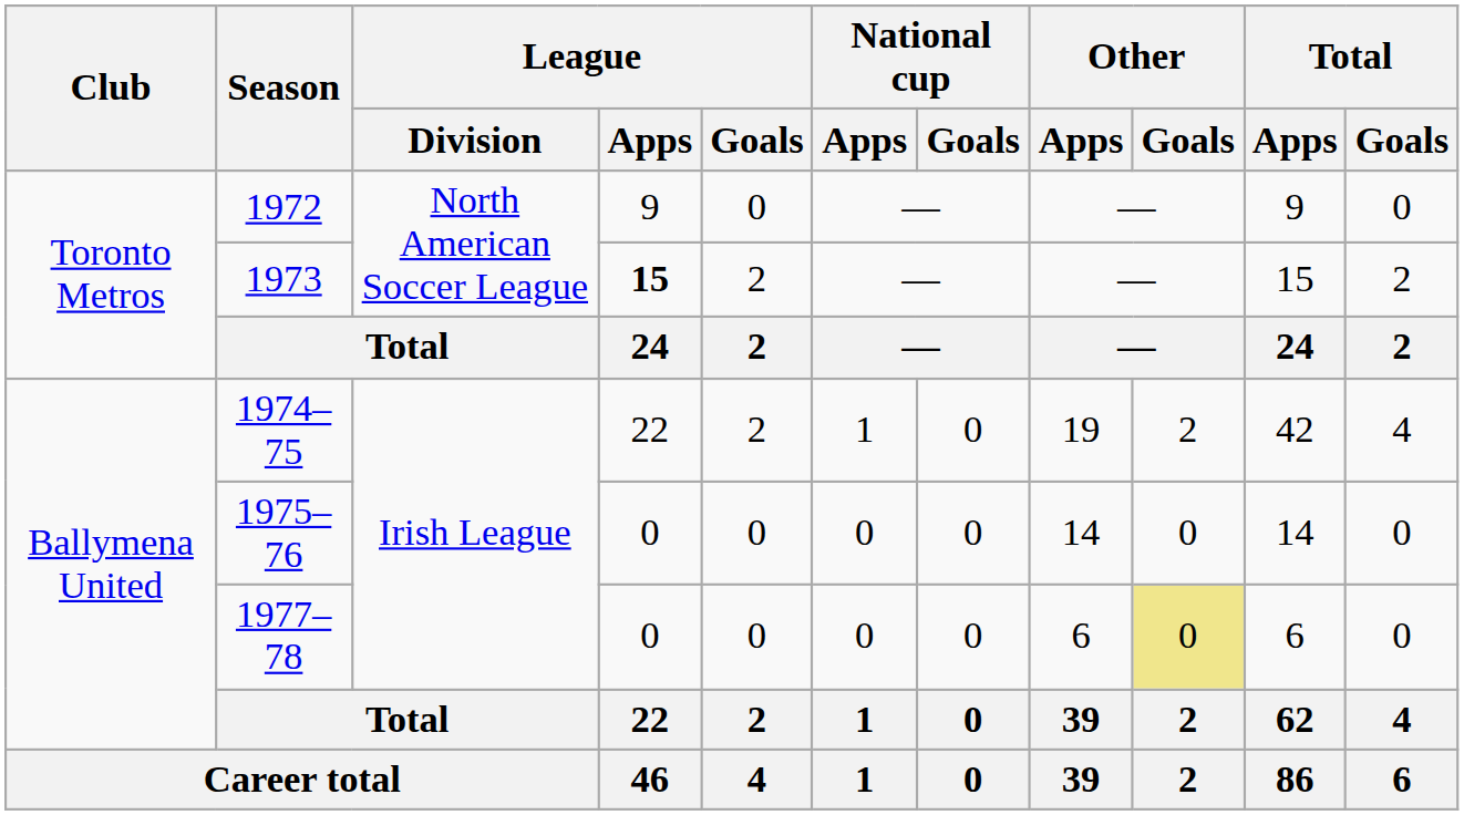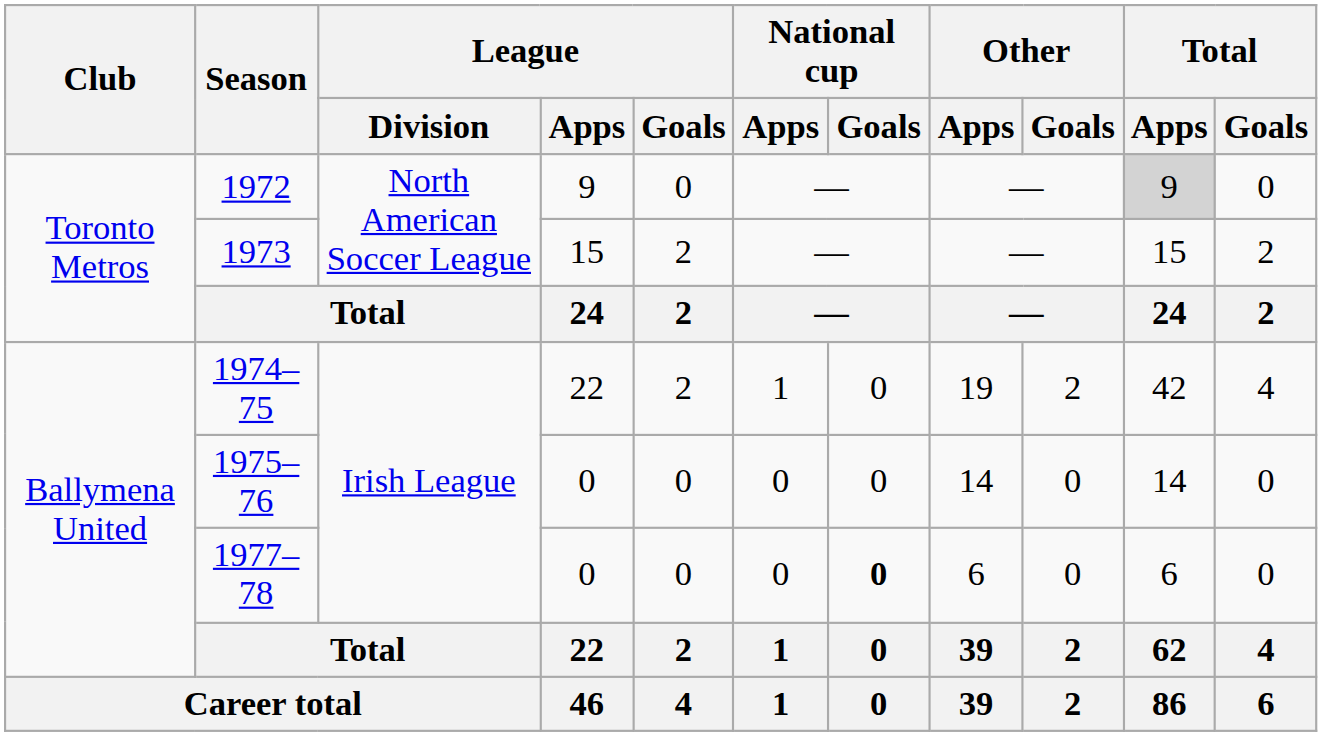 <table class="wikitable" style="text-align: center;">
 <tr>
 <th rowspan="2">Club</th>
 <th rowspan="2">Season</th>
 <th colspan="3">League</th>
 <th colspan="2">National cup</th>
 <th colspan="2">Other</th>
 <th colspan="2">Total</th>
 </tr>
 <tr>
 <th>Division</th>
 <th>Apps</th>
 <th>Goals</th>
 <th>Apps</th>
 <th>Goals</th>
 <th>Apps</th>
 <th>Goals</th>
 <th>Apps</th>
 <th>Goals</th>
 </tr>
 <tr>
 <td rowspan="3"><a href='#'>Toronto Metros</a></td>
 <td><a href='#'>1972</a></td>
 <td rowspan="2"><a href='#'>North American Soccer League</a></td>
 <td>9</td>
 <td>0</td>
 <td colspan="2">—</td>
 <td colspan="2">—</td>
-<td>9</td>
+<td style="background: lightgrey;">9</td>
 <td>0</td>
 </tr>
 <tr>
 <td><a href='#'>1973</a></td>
-<td><strong>15</strong></td>
+<td>15</td>
 <td>2</td>
 <td colspan="2">—</td>
 <td colspan="2">—</td>
 <td>15</td>
 <td>2</td>
 </tr>
 <tr>
 <th colspan="2">Total</th>
 <th>24</th>
 <th>2</th>
 <th colspan="2">—</th>
 <th colspan="2">—</th>
 <th>24</th>
 <th>2</th>
 </tr>
 <tr>
 <td rowspan="4"><a href='#'>Ballymena United</a></td>
 <td><a href='#'>1974–75</a></td>
 <td rowspan="3"><a href='#'>Irish League</a></td>
 <td>22</td>
 <td>2</td>
 <td>1</td>
 <td>0</td>
 <td>19</td>
 <td>2</td>
 <td>42</td>
 <td>4</td>
 </tr>
 <tr>
 <td><a href='#'>1975–76</a></td>
 <td>0</td>
 <td>0</td>
 <td>0</td>
 <td>0</td>
 <td>14</td>
 <td>0</td>
 <td>14</td>
 <td>0</td>
 </tr>
 <tr>
 <td><a href='#'>1977–78</a></td>
 <td>0</td>
 <td>0</td>
 <td>0</td>
+<td><strong>0</strong></td>
+<td>6</td>
 <td>0</td>
-<td>6</td>
-<td style="background: khaki;">0</td>
 <td>6</td>
 <td>0</td>
 </tr>
 <tr>
 <th colspan="2">Total</th>
 <th>22</th>
 <th>2</th>
 <th>1</th>
 <th>0</th>
 <th>39</th>
 <th>2</th>
 <th>62</th>
 <th>4</th>
 </tr>
 <tr>
 <th colspan="3">Career total</th>
 <th>46</th>
 <th>4</th>
 <th>1</th>
 <th>0</th>
 <th>39</th>
 <th>2</th>
 <th>86</th>
 <th>6</th>
 </tr>
 </table>
